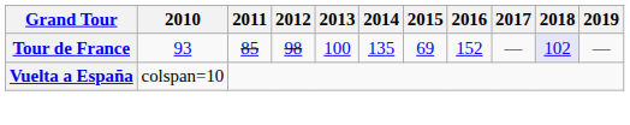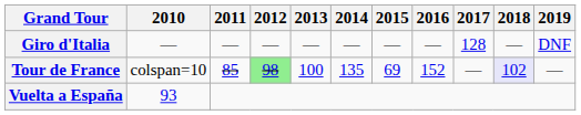 <table class="wikitable plainrowheaders">
 <tr>
 <th scope="col"><a href='#'>Grand Tour</a></th>
 <th scope="col">2010</th>
 <th scope="col">2011</th>
 <th scope="col">2012</th>
 <th scope="col">2013</th>
 <th scope="col">2014</th>
 <th scope="col">2015</th>
 <th scope="col">2016</th>
 <th scope="col">2017</th>
 <th scope="col">2018</th>
 <th scope="col">2019</th>
 </tr>
 <tr style="text-align:center;">
+<th scope="row"> <a href='#'>Giro d'Italia</a></th>
+<td>—</td>
+<td>—</td>
+<td>—</td>
+<td>—</td>
+<td>—</td>
+<td>—</td>
+<td>—</td>
+<td><a href='#'>128</a></td>
+<td>—</td>
+<td><a href='#'>DNF</a></td>
+</tr>
+<tr style="text-align:center;">
 <th scope="row"> <a href='#'>Tour de France</a></th>
-<td><a href='#'>93</a></td>
+<td>colspan=10 </td>
 <td><s><a href='#'>85</a></s></td>
-<td><s><a href='#'>98</a></s></td>
+<td style="background: lightgreen;"><s><a href='#'>98</a></s></td>
 <td><a href='#'>100</a></td>
 <td><a href='#'>135</a></td>
 <td><a href='#'>69</a></td>
 <td><a href='#'>152</a></td>
 <td>—</td>
 <td style="background: lavender;"><a href='#'>102</a></td>
 <td>—</td>
 </tr>
 <tr style="text-align:center;">
 <th scope="row"> <a href='#'>Vuelta a España</a></th>
-<td>colspan=10 </td>
+<td><a href='#'>93</a></td>
 </tr>
 </table>
